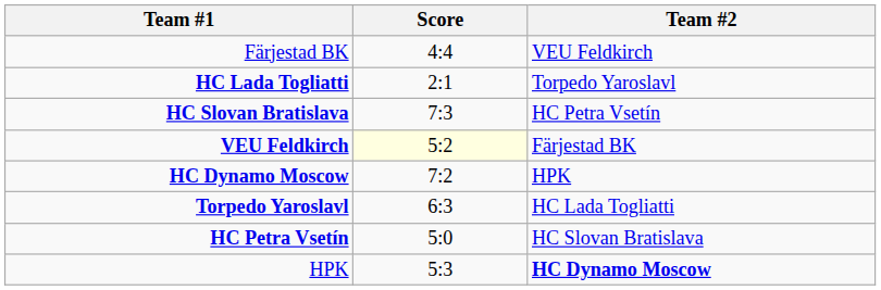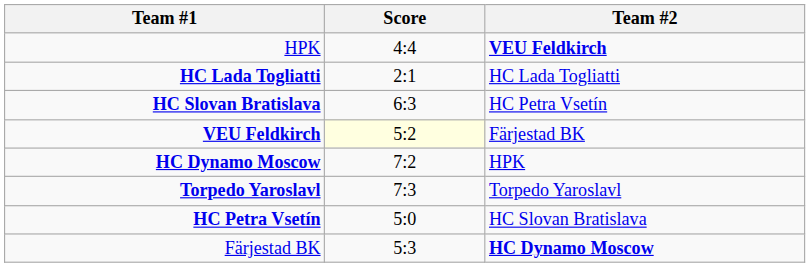 <table class="wikitable" style="text-align: center;">
 <tr>
 <th width=22%>Team #1</th>
 <th width=11%>Score</th>
 <th width=22%>Team #2</th>
 </tr>
 <tr>
-<td style="text-align: right;"><a href='#'>Färjestad BK</a> </td>
+<td style="text-align: right;"><a href='#'>HPK</a> </td>
 <td>4:4</td>
-<td style="text-align: left;"> <a href='#'>VEU Feldkirch</a></td>
+<td style="text-align: left;"><strong> <a href='#'>VEU Feldkirch</a></strong></td>
 </tr>
 <tr>
 <td style="text-align: right;"><strong><a href='#'>HC Lada Togliatti</a></strong> </td>
 <td>2:1</td>
-<td style="text-align: left;"> <a href='#'>Torpedo Yaroslavl</a></td>
+<td style="text-align: left;"> <a href='#'>HC Lada Togliatti</a></td>
 </tr>
 <tr>
 <td style="text-align: right;"><strong><a href='#'>HC Slovan Bratislava</a></strong> </td>
-<td>7:3</td>
+<td>6:3</td>
 <td style="text-align: left;"> <a href='#'>HC Petra Vsetín</a></td>
 </tr>
 <tr>
 <td style="text-align: right;"><strong><a href='#'>VEU Feldkirch</a></strong> </td>
 <td style="background: lightyellow;">5:2</td>
 <td style="text-align: left;"> <a href='#'>Färjestad BK</a></td>
 </tr>
 <tr>
 <td style="text-align: right;"><strong><a href='#'>HC Dynamo Moscow</a></strong> </td>
 <td>7:2</td>
 <td style="text-align: left;"> <a href='#'>HPK</a></td>
 </tr>
 <tr>
 <td style="text-align: right;"><strong><a href='#'>Torpedo Yaroslavl</a></strong> </td>
-<td>6:3</td>
-<td style="text-align: left;"> <a href='#'>HC Lada Togliatti</a></td>
+<td>7:3</td>
+<td style="text-align: left;"> <a href='#'>Torpedo Yaroslavl</a></td>
 </tr>
 <tr>
 <td style="text-align: right;"><strong><a href='#'>HC Petra Vsetín</a></strong> </td>
 <td>5:0</td>
 <td style="text-align: left;"> <a href='#'>HC Slovan Bratislava</a></td>
 </tr>
 <tr>
-<td style="text-align: right;"><a href='#'>HPK</a> </td>
+<td style="text-align: right;"><a href='#'>Färjestad BK</a> </td>
 <td>5:3</td>
 <td style="text-align: left;"> <strong><a href='#'>HC Dynamo Moscow</a></strong></td>
 </tr>
 </table>
